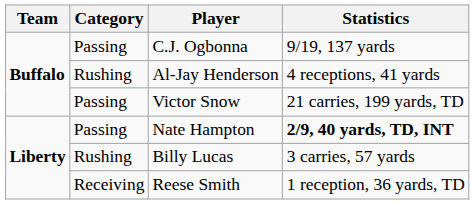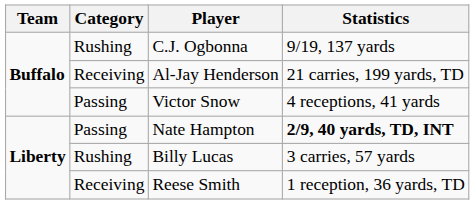 <table class="wikitable" style="float: right;">
 <tr>
 <th>Team</th>
 <th>Category</th>
 <th>Player</th>
 <th>Statistics</th>
 </tr>
 <tr>
 <td rowspan=3><strong>Buffalo</strong></td>
-<td>Passing</td>
+<td>Rushing</td>
 <td>C.J. Ogbonna</td>
 <td>9/19, 137 yards</td>
 </tr>
 <tr>
-<td>Rushing</td>
+<td>Receiving</td>
 <td>Al-Jay Henderson</td>
-<td>4 receptions, 41 yards</td>
+<td>21 carries, 199 yards, TD</td>
 </tr>
 <tr>
 <td>Passing</td>
 <td>Victor Snow</td>
-<td>21 carries, 199 yards, TD</td>
+<td>4 receptions, 41 yards</td>
 </tr>
 <tr>
 <td rowspan=3><strong>Liberty</strong></td>
 <td>Passing</td>
 <td>Nate Hampton</td>
 <td><strong>2/9, 40 yards, TD, INT</strong></td>
 </tr>
 <tr>
 <td>Rushing</td>
 <td>Billy Lucas</td>
 <td>3 carries, 57 yards</td>
 </tr>
 <tr>
 <td>Receiving</td>
 <td>Reese Smith</td>
 <td>1 reception, 36 yards, TD</td>
 </tr>
 </table>
